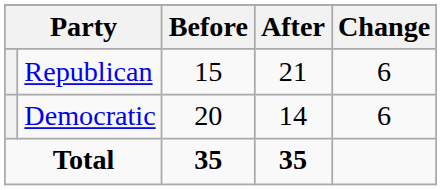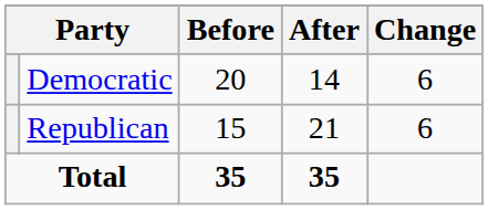 <table class="wikitable" style="text-align:center;">
 <tr>
 </tr>
 <tr>
 <th colspan=2>Party</th>
 <th>Before</th>
 <th>After</th>
 <th>Change</th>
 </tr>
 <tr>
 <th style="background-color:"></th>
-<td style="text-align:left;"><a href='#'>Republican</a></td>
-<td>15</td>
-<td>21</td>
+<td style="text-align:left;"><a href='#'>Democratic</a></td>
+<td>20</td>
+<td>14</td>
 <td> 6</td>
 </tr>
 <tr>
 <th style="background-color:"></th>
-<td style="text-align:left;"><a href='#'>Democratic</a></td>
-<td>20</td>
-<td>14</td>
+<td style="text-align:left;"><a href='#'>Republican</a></td>
+<td>15</td>
+<td>21</td>
 <td> 6</td>
 </tr>
 <tr>
 <td colspan=2><strong>Total</strong></td>
 <td><strong>35</strong></td>
 <td><strong>35</strong></td>
 <td></td>
 </tr>
 </table>
